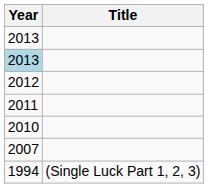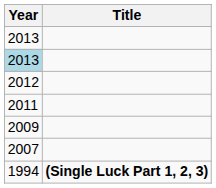 <table class="wikitable">
 <tr>
 <th>Year</th>
 <th>Title</th>
 </tr>
 <tr>
 <td>2013</td>
 <td></td>
 </tr>
 <tr>
 <td style="background: lightblue;">2013</td>
 <td></td>
 </tr>
 <tr>
 <td>2012</td>
 <td></td>
 </tr>
 <tr>
 <td>2011</td>
 <td></td>
 </tr>
 <tr>
-<td>2010</td>
+<td>2009</td>
 <td></td>
 </tr>
 <tr>
 <td>2007</td>
 <td></td>
 </tr>
 <tr>
 <td>1994</td>
-<td> (Single Luck Part 1, 2, 3)</td>
+<td><strong> (Single Luck Part 1, 2, 3)</strong></td>
 </tr>
 </table>
